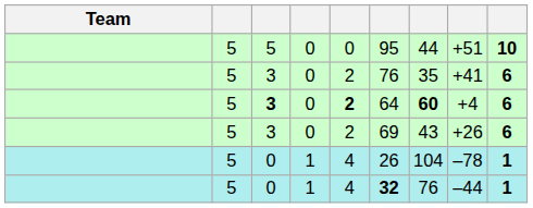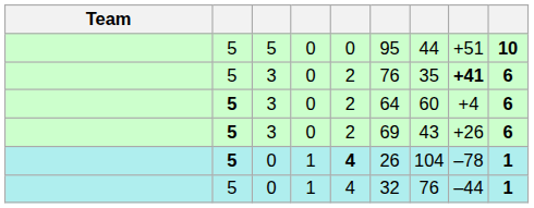 <table class="wikitable" style="text-align: center; font-size:90% ">
 <tr>
 <th width="160">Team</th>
 <th width="25"></th>
 <th width="25"></th>
 <th width="25"></th>
 <th width="25"></th>
 <th width="25"></th>
 <th width="25"></th>
 <th width="25"></th>
 <th width="25"></th>
 </tr>
 <tr bgcolor="ccffcc">
 <td align="left"></td>
 <td>5</td>
 <td>5</td>
 <td>0</td>
 <td>0</td>
 <td>95</td>
 <td>44</td>
 <td>+51</td>
 <td><strong>10</strong></td>
 </tr>
 <tr bgcolor="ccffcc">
 <td align="left"></td>
 <td>5</td>
 <td>3</td>
 <td>0</td>
 <td>2</td>
 <td>76</td>
 <td>35</td>
-<td>+41</td>
+<td><strong>+41</strong></td>
 <td><strong>6</strong></td>
 </tr>
 <tr bgcolor="ccffcc">
 <td align="left"></td>
-<td>5</td>
-<td><strong>3</strong></td>
+<td><strong>5</strong></td>
+<td>3</td>
 <td>0</td>
-<td><strong>2</strong></td>
+<td>2</td>
 <td>64</td>
-<td><strong>60</strong></td>
+<td>60</td>
 <td>+4</td>
 <td><strong>6</strong></td>
 </tr>
 <tr bgcolor="ccffcc">
 <td align="left"></td>
-<td>5</td>
+<td><strong>5</strong></td>
 <td>3</td>
 <td>0</td>
 <td>2</td>
 <td>69</td>
 <td>43</td>
 <td>+26</td>
 <td><strong>6</strong></td>
 </tr>
 <tr bgcolor="afeeee">
 <td align="left"></td>
-<td>5</td>
+<td><strong>5</strong></td>
 <td>0</td>
 <td>1</td>
-<td>4</td>
+<td><strong>4</strong></td>
 <td>26</td>
 <td>104</td>
 <td>–78</td>
 <td><strong>1</strong></td>
 </tr>
 <tr bgcolor="afeeee">
 <td align="left"></td>
 <td>5</td>
 <td>0</td>
 <td>1</td>
 <td>4</td>
-<td><strong>32</strong></td>
+<td>32</td>
 <td>76</td>
 <td>–44</td>
 <td><strong>1</strong></td>
 </tr>
 </table>
